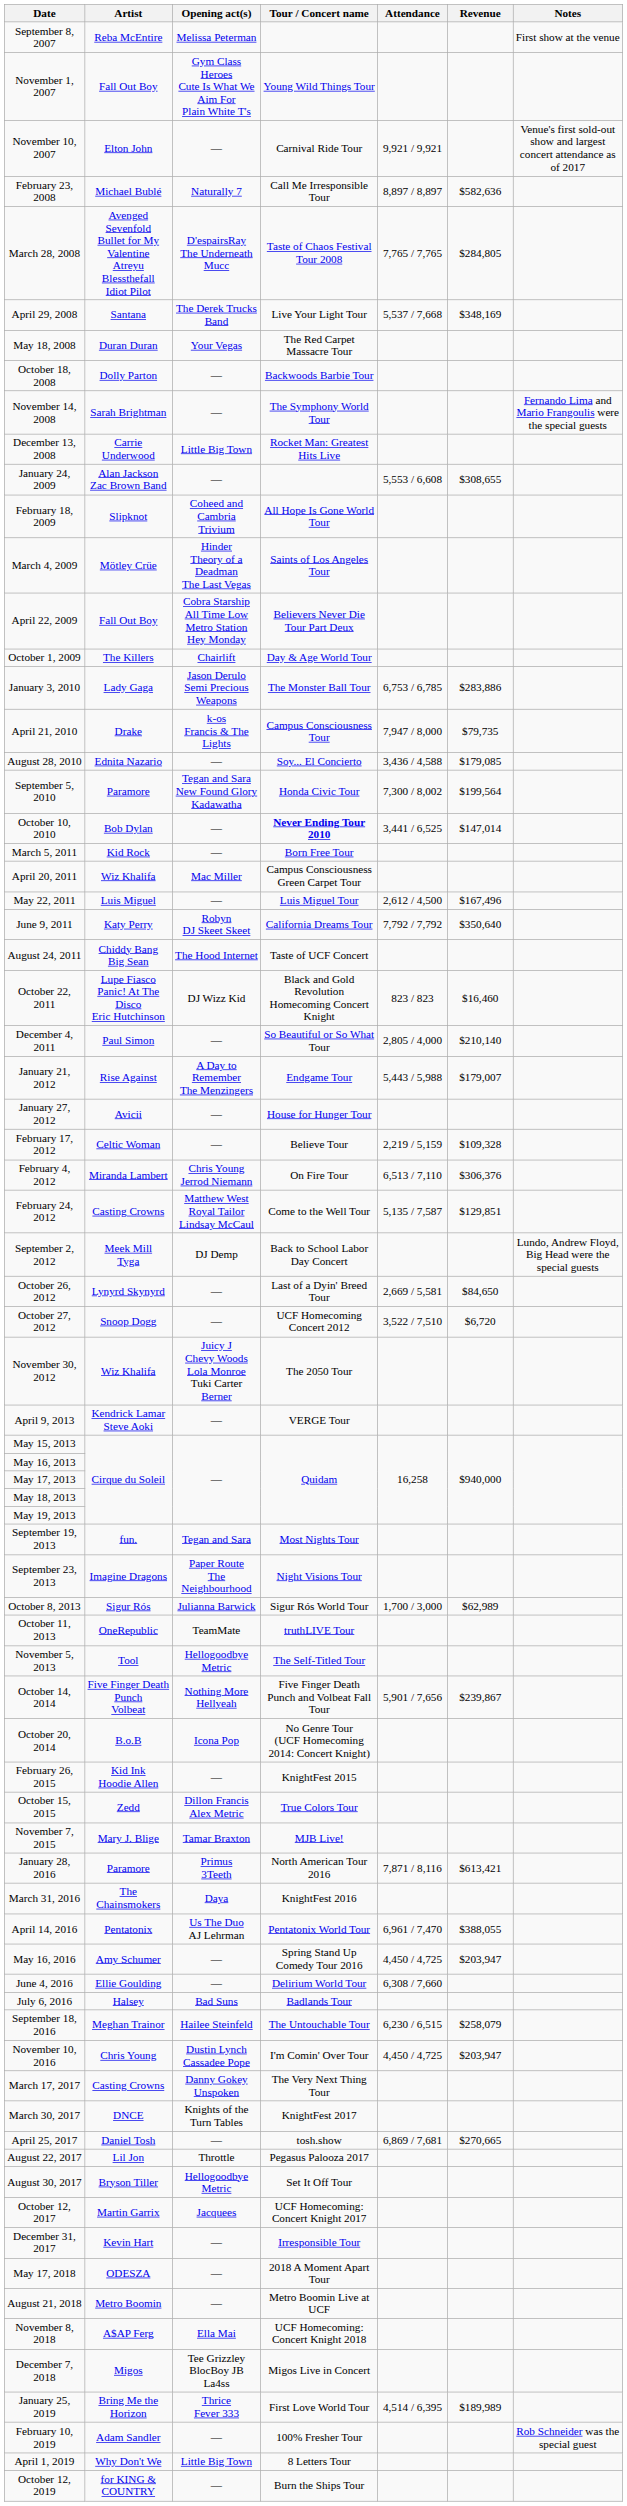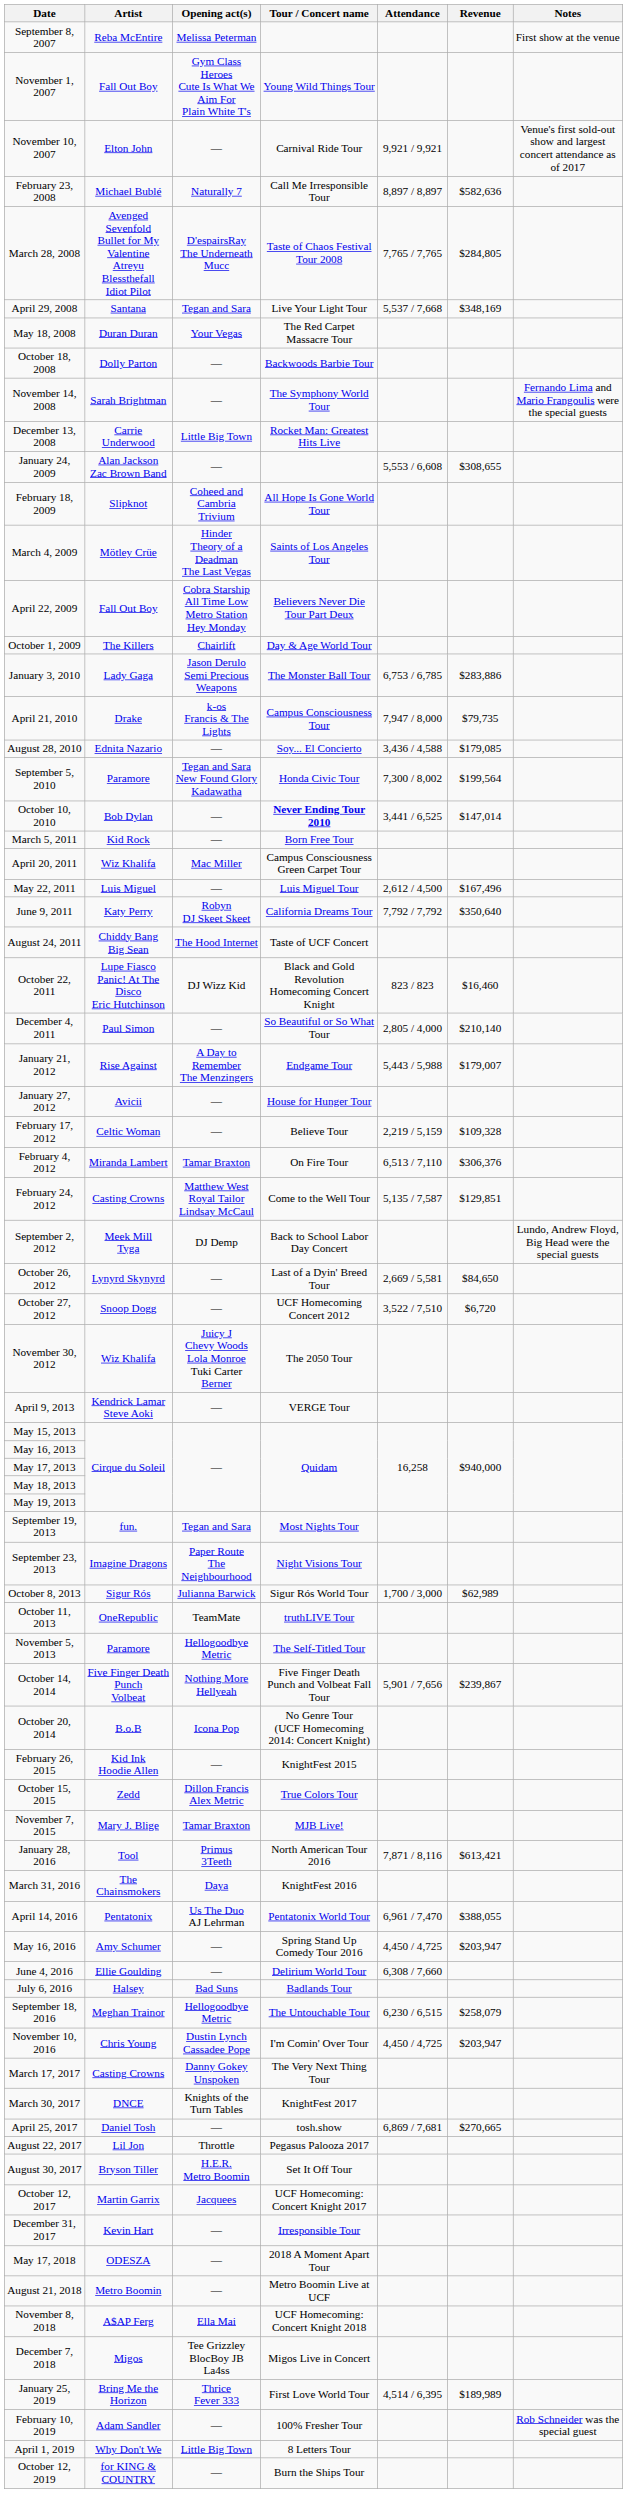 <table class="wikitable mw-collapsed mw-collapsible" style="text-align:center; width:100%;">
 <tr>
 <th width=11% style="text-align:center;">Date</th>
 <th width=12% style="text-align:center;">Artist</th>
 <th width=12% style="text-align:center;">Opening act(s)</th>
 <th width=16% style="text-align:center;">Tour / Concert name</th>
 <th width=9% style="text-align:center;">Attendance</th>
 <th width=9% style="text-align:center;">Revenue</th>
 <th width=15% style="text-align:center;">Notes</th>
 </tr>
 <tr>
 <td>September 8, 2007</td>
 <td><a href='#'>Reba McEntire</a></td>
 <td><a href='#'>Melissa Peterman</a></td>
 <td></td>
 <td></td>
 <td></td>
 <td>First show at the venue</td>
 </tr>
 <tr>
 <td>November 1, 2007</td>
 <td><a href='#'>Fall Out Boy</a></td>
 <td><a href='#'>Gym Class Heroes</a><br><a href='#'>Cute Is What We Aim For</a><br><a href='#'>Plain White T's</a></td>
 <td><a href='#'>Young Wild Things Tour</a></td>
 <td></td>
 <td></td>
 <td></td>
 </tr>
 <tr>
 <td>November 10, 2007</td>
 <td><a href='#'>Elton John</a></td>
 <td>—</td>
 <td>Carnival Ride Tour</td>
 <td>9,921 / 9,921</td>
 <td></td>
 <td>Venue's first sold-out show and largest concert attendance as of 2017</td>
 </tr>
 <tr>
 <td>February 23, 2008</td>
 <td><a href='#'>Michael Bublé</a></td>
 <td><a href='#'>Naturally 7</a></td>
 <td>Call Me Irresponsible Tour</td>
 <td>8,897 / 8,897</td>
 <td>$582,636</td>
 <td></td>
 </tr>
 <tr>
 <td>March 28, 2008</td>
 <td><a href='#'>Avenged Sevenfold</a><br><a href='#'>Bullet for My Valentine</a><br><a href='#'>Atreyu</a><br><a href='#'>Blessthefall</a><br><a href='#'>Idiot Pilot</a></td>
 <td><a href='#'>D'espairsRay</a><br><a href='#'>The Underneath</a> <br><a href='#'>Mucc</a></td>
 <td><a href='#'>Taste of Chaos Festival Tour 2008</a></td>
 <td>7,765 / 7,765</td>
 <td>$284,805</td>
 <td></td>
 </tr>
 <tr>
 <td>April 29, 2008</td>
 <td><a href='#'>Santana</a></td>
-<td><a href='#'>The Derek Trucks Band</a></td>
+<td><a href='#'>Tegan and Sara</a></td>
 <td>Live Your Light Tour</td>
 <td>5,537 / 7,668</td>
 <td>$348,169</td>
 <td></td>
 </tr>
 <tr>
 <td>May 18, 2008</td>
 <td><a href='#'>Duran Duran</a></td>
 <td><a href='#'>Your Vegas</a></td>
 <td>The Red Carpet Massacre Tour</td>
 <td></td>
 <td></td>
 <td></td>
 </tr>
 <tr>
 <td>October 18, 2008</td>
 <td><a href='#'>Dolly Parton</a></td>
 <td>—</td>
 <td><a href='#'>Backwoods Barbie Tour</a></td>
 <td></td>
 <td></td>
 <td></td>
 </tr>
 <tr>
 <td>November 14, 2008</td>
 <td><a href='#'>Sarah Brightman</a></td>
 <td>—</td>
 <td><a href='#'>The Symphony World Tour</a></td>
 <td></td>
 <td></td>
 <td><a href='#'>Fernando Lima</a> and <a href='#'>Mario Frangoulis</a> were the special guests</td>
 </tr>
 <tr>
 <td>December 13, 2008</td>
 <td><a href='#'>Carrie Underwood</a></td>
 <td><a href='#'>Little Big Town</a></td>
 <td><a href='#'>Rocket Man: Greatest Hits Live</a></td>
 <td></td>
 <td></td>
 <td></td>
 </tr>
 <tr>
 <td>January 24, 2009</td>
 <td><a href='#'>Alan Jackson</a> <br> <a href='#'>Zac Brown Band</a></td>
 <td>—</td>
 <td></td>
 <td>5,553 / 6,608</td>
 <td>$308,655</td>
 <td></td>
 </tr>
 <tr>
 <td>February 18, 2009</td>
 <td><a href='#'>Slipknot</a></td>
 <td><a href='#'>Coheed and Cambria</a><br><a href='#'>Trivium</a></td>
 <td><a href='#'>All Hope Is Gone World Tour</a></td>
 <td></td>
 <td></td>
 <td></td>
 </tr>
 <tr>
 <td>March 4, 2009</td>
 <td><a href='#'>Mötley Crüe</a></td>
 <td><a href='#'>Hinder</a><br><a href='#'>Theory of a Deadman</a><br><a href='#'>The Last Vegas</a></td>
 <td><a href='#'>Saints of Los Angeles Tour</a></td>
 <td></td>
 <td></td>
 <td></td>
 </tr>
 <tr>
 <td>April 22, 2009</td>
 <td><a href='#'>Fall Out Boy</a></td>
 <td><a href='#'>Cobra Starship</a><br><a href='#'>All Time Low</a><br><a href='#'>Metro Station</a><br><a href='#'>Hey Monday</a></td>
 <td><a href='#'>Believers Never Die Tour Part Deux</a></td>
 <td></td>
 <td></td>
 <td></td>
 </tr>
 <tr>
 <td>October 1, 2009</td>
 <td><a href='#'>The Killers</a></td>
 <td><a href='#'>Chairlift</a></td>
 <td><a href='#'>Day & Age World Tour</a></td>
 <td></td>
 <td></td>
 <td></td>
 </tr>
 <tr>
 <td>January 3, 2010</td>
 <td><a href='#'>Lady Gaga</a></td>
 <td><a href='#'>Jason Derulo</a><br><a href='#'>Semi Precious Weapons</a></td>
 <td><a href='#'>The Monster Ball Tour</a></td>
 <td>6,753 / 6,785</td>
 <td>$283,886</td>
 <td></td>
 </tr>
 <tr>
 <td>April 21, 2010</td>
 <td><a href='#'>Drake</a></td>
 <td><a href='#'>k-os</a><br><a href='#'>Francis & The Lights</a></td>
 <td><a href='#'>Campus Consciousness Tour</a></td>
 <td>7,947 / 8,000</td>
 <td>$79,735</td>
 <td></td>
 </tr>
 <tr>
 <td>August 28, 2010</td>
 <td><a href='#'>Ednita Nazario</a></td>
 <td>—</td>
 <td><a href='#'>Soy... El Concierto</a></td>
 <td>3,436 / 4,588</td>
 <td>$179,085</td>
 <td></td>
 </tr>
 <tr>
 <td>September 5, 2010</td>
 <td><a href='#'>Paramore</a></td>
 <td><a href='#'>Tegan and Sara</a><br><a href='#'>New Found Glory</a><br><a href='#'>Kadawatha</a></td>
 <td><a href='#'>Honda Civic Tour</a></td>
 <td>7,300 / 8,002</td>
 <td>$199,564</td>
 <td></td>
 </tr>
 <tr>
 <td>October 10, 2010</td>
 <td><a href='#'>Bob Dylan</a></td>
 <td>—</td>
 <td><strong><a href='#'>Never Ending Tour 2010</a></strong></td>
 <td>3,441 / 6,525</td>
 <td>$147,014</td>
 <td></td>
 </tr>
 <tr>
 <td>March 5, 2011</td>
 <td><a href='#'>Kid Rock</a></td>
 <td>—</td>
 <td><a href='#'>Born Free Tour</a></td>
 <td></td>
 <td></td>
 <td></td>
 </tr>
 <tr>
 <td>April 20, 2011</td>
 <td><a href='#'>Wiz Khalifa</a></td>
 <td><a href='#'>Mac Miller</a></td>
 <td>Campus Consciousness Green Carpet Tour</td>
 <td></td>
 <td></td>
 <td></td>
 </tr>
 <tr>
 <td>May 22, 2011</td>
 <td><a href='#'>Luis Miguel</a></td>
 <td>—</td>
 <td><a href='#'>Luis Miguel Tour</a></td>
 <td>2,612 / 4,500</td>
 <td>$167,496</td>
 <td></td>
 </tr>
 <tr>
 <td>June 9, 2011</td>
 <td><a href='#'>Katy Perry</a></td>
 <td><a href='#'>Robyn</a><br><a href='#'>DJ Skeet Skeet</a></td>
 <td><a href='#'>California Dreams Tour</a></td>
 <td>7,792 / 7,792</td>
 <td>$350,640</td>
 <td></td>
 </tr>
 <tr>
 <td>August 24, 2011</td>
 <td><a href='#'>Chiddy Bang</a><br><a href='#'>Big Sean</a></td>
 <td><a href='#'>The Hood Internet</a></td>
 <td>Taste of UCF Concert</td>
 <td></td>
 <td></td>
 <td></td>
 </tr>
 <tr>
 <td>October 22, 2011</td>
 <td><a href='#'>Lupe Fiasco</a><br><a href='#'>Panic! At The Disco</a><br><a href='#'>Eric Hutchinson</a></td>
 <td>DJ Wizz Kid</td>
 <td>Black and Gold Revolution Homecoming Concert Knight</td>
 <td>823 / 823</td>
 <td>$16,460</td>
 <td></td>
 </tr>
 <tr>
 <td>December 4, 2011</td>
 <td><a href='#'>Paul Simon</a></td>
 <td>—</td>
 <td><a href='#'>So Beautiful or So What</a> Tour</td>
 <td>2,805 / 4,000</td>
 <td>$210,140</td>
 <td></td>
 </tr>
 <tr>
 <td>January 21, 2012</td>
 <td><a href='#'>Rise Against</a></td>
 <td><a href='#'>A Day to Remember</a><br><a href='#'>The Menzingers</a></td>
 <td><a href='#'>Endgame Tour</a></td>
 <td>5,443 / 5,988</td>
 <td>$179,007</td>
 <td></td>
 </tr>
 <tr>
 <td>January 27, 2012</td>
 <td><a href='#'>Avicii</a></td>
 <td>—</td>
 <td><a href='#'>House for Hunger Tour</a></td>
 <td></td>
 <td></td>
 <td></td>
 </tr>
 <tr>
 <td>February 17, 2012</td>
 <td><a href='#'>Celtic Woman</a></td>
 <td>—</td>
 <td>Believe Tour</td>
 <td>2,219 / 5,159</td>
 <td>$109,328</td>
 <td></td>
 </tr>
 <tr>
 <td>February 4, 2012</td>
 <td><a href='#'>Miranda Lambert</a></td>
-<td><a href='#'>Chris Young</a> <br> <a href='#'>Jerrod Niemann</a></td>
+<td><a href='#'>Tamar Braxton</a></td>
 <td>On Fire Tour</td>
 <td>6,513 / 7,110</td>
 <td>$306,376</td>
 <td></td>
 </tr>
 <tr>
 <td>February 24, 2012</td>
 <td><a href='#'>Casting Crowns</a></td>
 <td><a href='#'>Matthew West</a><br><a href='#'>Royal Tailor</a><br><a href='#'>Lindsay McCaul</a></td>
 <td>Come to the Well Tour</td>
 <td>5,135 / 7,587</td>
 <td>$129,851</td>
 <td></td>
 </tr>
 <tr>
 <td>September 2, 2012</td>
 <td><a href='#'>Meek Mill</a><br><a href='#'>Tyga</a></td>
 <td>DJ Demp</td>
 <td>Back to School Labor Day Concert</td>
 <td></td>
 <td></td>
 <td>Lundo, Andrew Floyd, Big Head were the special guests</td>
 </tr>
 <tr>
 <td>October 26, 2012</td>
 <td><a href='#'>Lynyrd Skynyrd</a></td>
 <td>—</td>
 <td>Last of a Dyin' Breed Tour</td>
 <td>2,669 / 5,581</td>
 <td>$84,650</td>
 <td></td>
 </tr>
 <tr>
 <td>October 27, 2012</td>
 <td><a href='#'>Snoop Dogg</a></td>
 <td>—</td>
 <td>UCF Homecoming Concert 2012</td>
 <td>3,522 / 7,510</td>
 <td>$6,720</td>
 <td></td>
 </tr>
 <tr>
 <td>November 30, 2012</td>
 <td><a href='#'>Wiz Khalifa</a></td>
 <td><a href='#'>Juicy J</a><br><a href='#'>Chevy Woods</a><br><a href='#'>Lola Monroe</a><br>Tuki Carter<br><a href='#'>Berner</a></td>
 <td>The 2050 Tour</td>
 <td></td>
 <td></td>
 <td></td>
 </tr>
 <tr>
 <td>April 9, 2013</td>
 <td><a href='#'>Kendrick Lamar</a><br><a href='#'>Steve Aoki</a></td>
 <td>—</td>
 <td>VERGE Tour</td>
 <td></td>
 <td></td>
 <td></td>
 </tr>
 <tr>
 <td>May 15, 2013</td>
 <td rowspan="5"><a href='#'>Cirque du Soleil</a></td>
 <td rowspan="5">—</td>
 <td rowspan="5"><a href='#'>Quidam</a></td>
 <td rowspan="5">16,258</td>
 <td rowspan="5">$940,000</td>
 <td rowspan="5"></td>
 </tr>
 <tr>
 <td>May 16, 2013</td>
 </tr>
 <tr>
 <td>May 17, 2013</td>
 </tr>
 <tr>
 <td>May 18, 2013</td>
 </tr>
 <tr>
 <td>May 19, 2013</td>
 </tr>
 <tr>
 <td>September 19, 2013</td>
 <td><a href='#'>fun.</a></td>
 <td><a href='#'>Tegan and Sara</a></td>
 <td><a href='#'>Most Nights Tour</a></td>
 <td></td>
 <td></td>
 <td></td>
 </tr>
 <tr>
 <td>September 23, 2013</td>
 <td><a href='#'>Imagine Dragons</a></td>
 <td><a href='#'>Paper Route</a><br><a href='#'>The Neighbourhood</a></td>
 <td><a href='#'>Night Visions Tour</a></td>
 <td></td>
 <td></td>
 <td></td>
 </tr>
 <tr>
 <td>October 8, 2013</td>
 <td><a href='#'>Sigur Rós</a></td>
 <td><a href='#'>Julianna Barwick</a></td>
 <td>Sigur Rós World Tour</td>
 <td>1,700 / 3,000</td>
 <td>$62,989</td>
 <td></td>
 </tr>
 <tr>
 <td>October 11, 2013</td>
 <td><a href='#'>OneRepublic</a></td>
 <td>TeamMate</td>
 <td><a href='#'>truthLIVE Tour</a></td>
 <td></td>
 <td></td>
 <td></td>
 </tr>
 <tr>
 <td>November 5, 2013</td>
-<td><a href='#'>Tool</a></td>
+<td><a href='#'>Paramore</a></td>
 <td><a href='#'>Hellogoodbye</a><br><a href='#'>Metric</a></td>
 <td><a href='#'>The Self-Titled Tour</a></td>
 <td></td>
 <td></td>
 <td></td>
 </tr>
 <tr>
 <td>October 14, 2014</td>
 <td><a href='#'>Five Finger Death Punch</a><br><a href='#'>Volbeat</a></td>
 <td><a href='#'>Nothing More</a><br><a href='#'>Hellyeah</a></td>
 <td>Five Finger Death Punch and Volbeat Fall Tour</td>
 <td>5,901 / 7,656</td>
 <td>$239,867</td>
 <td></td>
 </tr>
 <tr>
 <td>October 20, 2014</td>
 <td><a href='#'>B.o.B</a></td>
 <td><a href='#'>Icona Pop</a></td>
 <td>No Genre Tour<br>(UCF Homecoming 2014: Concert Knight)</td>
 <td></td>
 <td></td>
 <td></td>
 </tr>
 <tr>
 <td>February 26, 2015</td>
 <td><a href='#'>Kid Ink</a><br><a href='#'>Hoodie Allen</a></td>
 <td>—</td>
 <td>KnightFest 2015</td>
 <td></td>
 <td></td>
 <td></td>
 </tr>
 <tr>
 <td>October 15, 2015</td>
 <td><a href='#'>Zedd</a></td>
 <td><a href='#'>Dillon Francis</a><br><a href='#'>Alex Metric</a></td>
 <td><a href='#'>True Colors Tour</a></td>
 <td></td>
 <td></td>
 <td></td>
 </tr>
 <tr>
 <td>November 7, 2015</td>
 <td><a href='#'>Mary J. Blige</a></td>
 <td><a href='#'>Tamar Braxton</a></td>
 <td><a href='#'>MJB Live!</a></td>
 <td></td>
 <td></td>
 <td></td>
 </tr>
 <tr>
 <td>January 28, 2016</td>
-<td><a href='#'>Paramore</a></td>
+<td><a href='#'>Tool</a></td>
 <td><a href='#'>Primus</a><br><a href='#'>3Teeth</a></td>
 <td>North American Tour 2016</td>
 <td>7,871 / 8,116</td>
 <td>$613,421</td>
 <td></td>
 </tr>
 <tr>
 <td>March 31, 2016</td>
 <td><a href='#'>The Chainsmokers</a></td>
 <td><a href='#'>Daya</a></td>
 <td>KnightFest 2016</td>
 <td></td>
 <td></td>
 <td></td>
 </tr>
 <tr>
 <td>April 14, 2016</td>
 <td><a href='#'>Pentatonix</a></td>
 <td><a href='#'>Us The Duo</a><br>AJ Lehrman</td>
 <td><a href='#'>Pentatonix World Tour</a></td>
 <td>6,961 / 7,470</td>
 <td>$388,055</td>
 <td></td>
 </tr>
 <tr>
 <td>May 16, 2016</td>
 <td><a href='#'>Amy Schumer</a></td>
 <td>—</td>
 <td>Spring Stand Up Comedy Tour 2016</td>
 <td>4,450 / 4,725</td>
 <td>$203,947</td>
 <td></td>
 </tr>
 <tr>
 <td>June 4, 2016</td>
 <td><a href='#'>Ellie Goulding</a></td>
 <td>—</td>
 <td><a href='#'>Delirium World Tour</a></td>
 <td>6,308 / 7,660</td>
 <td></td>
 <td></td>
 </tr>
 <tr>
 <td>July 6, 2016</td>
 <td><a href='#'>Halsey</a></td>
 <td><a href='#'>Bad Suns</a></td>
 <td><a href='#'>Badlands Tour</a></td>
 <td></td>
 <td></td>
 <td></td>
 </tr>
 <tr>
 <td>September 18, 2016</td>
 <td><a href='#'>Meghan Trainor</a></td>
-<td><a href='#'>Hailee Steinfeld</a></td>
+<td><a href='#'>Hellogoodbye</a><br><a href='#'>Metric</a></td>
 <td><a href='#'>The Untouchable Tour</a></td>
 <td>6,230 / 6,515</td>
 <td>$258,079</td>
 <td></td>
 </tr>
 <tr>
 <td>November 10, 2016</td>
 <td><a href='#'>Chris Young</a></td>
 <td><a href='#'>Dustin Lynch</a><br><a href='#'>Cassadee Pope</a></td>
 <td>I'm Comin' Over Tour</td>
 <td>4,450 / 4,725</td>
 <td>$203,947</td>
 <td></td>
 </tr>
 <tr>
 <td>March 17, 2017</td>
 <td><a href='#'>Casting Crowns</a></td>
 <td><a href='#'>Danny Gokey</a><br><a href='#'>Unspoken</a></td>
 <td>The Very Next Thing Tour</td>
 <td></td>
 <td></td>
 <td></td>
 </tr>
 <tr>
 <td>March 30, 2017</td>
 <td><a href='#'>DNCE</a></td>
 <td>Knights of the Turn Tables</td>
 <td>KnightFest 2017</td>
 <td></td>
 <td></td>
 <td></td>
 </tr>
 <tr>
 <td>April 25, 2017</td>
 <td><a href='#'>Daniel Tosh</a></td>
 <td>—</td>
 <td>tosh.show</td>
 <td>6,869 / 7,681</td>
 <td>$270,665</td>
 <td></td>
 </tr>
 <tr>
 <td>August 22, 2017</td>
 <td><a href='#'>Lil Jon</a></td>
 <td>Throttle</td>
 <td>Pegasus Palooza 2017</td>
 <td></td>
 <td></td>
 <td></td>
 </tr>
 <tr>
 <td>August 30, 2017</td>
 <td><a href='#'>Bryson Tiller</a></td>
-<td><a href='#'>Hellogoodbye</a><br><a href='#'>Metric</a></td>
+<td><a href='#'>H.E.R.</a><br><a href='#'>Metro Boomin</a></td>
 <td>Set It Off Tour</td>
 <td></td>
 <td></td>
 <td></td>
 </tr>
 <tr>
 <td>October 12, 2017</td>
 <td><a href='#'>Martin Garrix</a></td>
 <td><a href='#'>Jacquees</a></td>
 <td>UCF Homecoming: Concert Knight 2017</td>
 <td></td>
 <td></td>
 <td></td>
 </tr>
 <tr>
 <td>December 31, 2017</td>
 <td><a href='#'>Kevin Hart</a></td>
 <td>—</td>
 <td><a href='#'>Irresponsible Tour</a></td>
 <td></td>
 <td></td>
 <td></td>
 </tr>
 <tr>
 <td>May 17, 2018</td>
 <td><a href='#'>ODESZA</a></td>
 <td>—</td>
 <td>2018 A Moment Apart Tour</td>
 <td></td>
 <td></td>
 <td></td>
 </tr>
 <tr>
 <td>August 21, 2018</td>
 <td><a href='#'>Metro Boomin</a></td>
 <td>—</td>
 <td>Metro Boomin Live at UCF</td>
 <td></td>
 <td></td>
 <td></td>
 </tr>
 <tr>
 <td>November 8, 2018</td>
 <td><a href='#'>A$AP Ferg</a></td>
 <td><a href='#'>Ella Mai</a></td>
 <td>UCF Homecoming: Concert Knight 2018</td>
 <td></td>
 <td></td>
 <td></td>
 </tr>
 <tr>
 <td>December 7, 2018</td>
 <td><a href='#'>Migos</a></td>
 <td>Tee Grizzley<br>BlocBoy JB<br>La4ss</td>
 <td>Migos Live in Concert</td>
 <td></td>
 <td></td>
 <td></td>
 </tr>
 <tr>
 <td>January 25, 2019</td>
 <td><a href='#'>Bring Me the Horizon</a></td>
 <td><a href='#'>Thrice</a><br><a href='#'>Fever 333</a></td>
 <td>First Love World Tour</td>
 <td>4,514 / 6,395</td>
 <td>$189,989</td>
 <td></td>
 </tr>
 <tr>
 <td>February 10, 2019</td>
 <td><a href='#'>Adam Sandler</a></td>
 <td>—</td>
 <td>100% Fresher Tour</td>
 <td></td>
 <td></td>
 <td><a href='#'>Rob Schneider</a> was the special guest</td>
 </tr>
 <tr>
 <td>April 1, 2019</td>
 <td><a href='#'>Why Don't We</a></td>
 <td><a href='#'>Little Big Town</a></td>
 <td>8 Letters Tour</td>
 <td></td>
 <td></td>
 <td></td>
 </tr>
 <tr>
 <td>October 12, 2019</td>
 <td><a href='#'>for KING & COUNTRY</a></td>
 <td>—</td>
 <td>Burn the Ships Tour</td>
 <td></td>
 <td></td>
 <td></td>
 </tr>
 </table>
